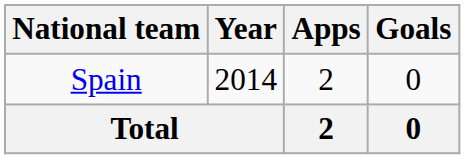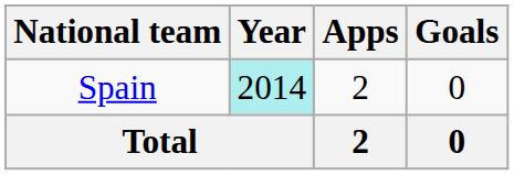 <table class="wikitable" style="text-align:center">
 <tr>
 <th>National team</th>
 <th>Year</th>
 <th>Apps</th>
 <th>Goals</th>
 </tr>
 <tr>
 <td rowspan="1"><a href='#'>Spain</a></td>
-<td>2014</td>
+<td style="background: paleturquoise;">2014</td>
 <td>2</td>
 <td>0</td>
 </tr>
 <tr>
 <th colspan="2">Total</th>
 <th>2</th>
 <th>0</th>
 </tr>
 </table>
